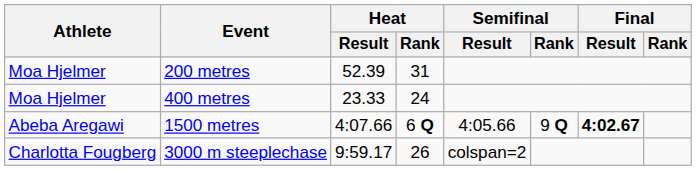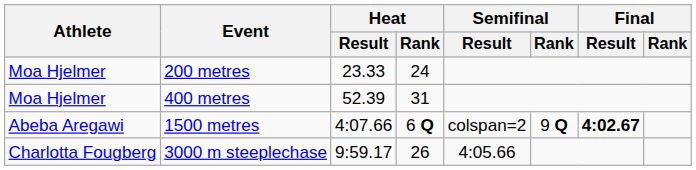 <table class="wikitable" style="font-size:90%">
 <tr>
 <th rowspan="2">Athlete</th>
 <th rowspan="2">Event</th>
 <th colspan="2">Heat</th>
 <th colspan="2">Semifinal</th>
 <th colspan="2">Final</th>
 </tr>
 <tr style="font-size:95%">
 <th>Result</th>
 <th>Rank</th>
 <th>Result</th>
 <th>Rank</th>
 <th>Result</th>
 <th>Rank</th>
 </tr>
 <tr align=center>
 <td align=left><a href='#'>Moa Hjelmer</a></td>
 <td align=left><a href='#'>200 metres</a></td>
-<td>52.39</td>
-<td>31</td>
+<td>23.33</td>
+<td>24</td>
 <td colspan=4></td>
 </tr>
 <tr align=center>
 <td align=left><a href='#'>Moa Hjelmer</a></td>
 <td align=left><a href='#'>400 metres</a></td>
-<td>23.33</td>
-<td>24</td>
+<td>52.39</td>
+<td>31</td>
 <td colspan=4></td>
 </tr>
 <tr align=center>
 <td align=left><a href='#'>Abeba Aregawi</a></td>
 <td align=left><a href='#'>1500 metres</a></td>
 <td>4:07.66</td>
 <td>6 <strong>Q</strong></td>
-<td>4:05.66</td>
+<td>colspan=2 </td>
 <td>9 <strong>Q</strong></td>
 <td><strong>4:02.67</strong></td>
 <td></td>
 </tr>
 <tr align=center>
 <td align=left><a href='#'>Charlotta Fougberg</a></td>
 <td align=left><a href='#'>3000 m steeplechase</a></td>
 <td>9:59.17</td>
 <td>26</td>
-<td>colspan=2 </td>
+<td>4:05.66</td>
 <td colspan=2></td>
 </tr>
 </table>
